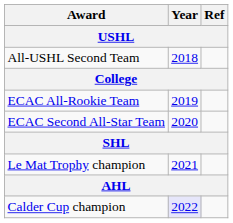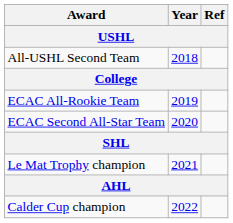 <table class="wikitable">
 <tr>
 <th>Award</th>
 <th>Year</th>
 <th>Ref</th>
 </tr>
 <tr>
 <th colspan="3"><a href='#'>USHL</a></th>
 </tr>
 <tr>
 <td>All-USHL Second Team</td>
 <td><a href='#'>2018</a></td>
 <td></td>
 </tr>
 <tr>
 <th colspan="3"><a href='#'>College</a></th>
 </tr>
 <tr>
 <td><a href='#'>ECAC All-Rookie Team</a></td>
 <td><a href='#'>2019</a></td>
 <td></td>
 </tr>
 <tr>
 <td><a href='#'>ECAC Second All-Star Team</a></td>
 <td><a href='#'>2020</a></td>
 <td></td>
 </tr>
 <tr>
 <th colspan="3"><a href='#'>SHL</a></th>
 </tr>
 <tr>
 <td><a href='#'>Le Mat Trophy</a> champion</td>
 <td><a href='#'>2021</a></td>
 <td></td>
 </tr>
 <tr>
 <th colspan="3"><a href='#'>AHL</a></th>
 </tr>
 <tr>
 <td><a href='#'>Calder Cup</a> champion</td>
-<td style="background: lavender;"><a href='#'>2022</a></td>
+<td><a href='#'>2022</a></td>
 <td></td>
 </tr>
 </table>
